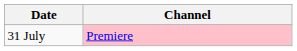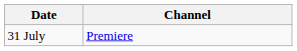 <table class="wikitable">
 <tr>
 <th width=90>Date</th>
 <th width=250>Channel</th>
 </tr>
 <tr>
 <td>31 July</td>
-<td style="background: pink;"><a href='#'>Premiere</a></td>
+<td><a href='#'>Premiere</a></td>
 </tr>
 </table>
